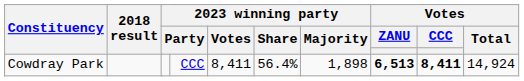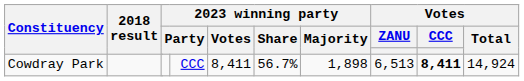 <table class="wikitable sortable" style="text-align:right; font-size:95%">
 <tr>
 <th rowspan="3" scope="col" style="text-align:left;"><a href='#'>Constituency</a></th>
 <th colspan="2" rowspan="3" scope="col">2018<br>result</th>
 <th colspan="5">2023 winning party</th>
 <th colspan="3" scope="col">Votes</th>
 </tr>
 <tr>
 <th colspan="2" rowspan="2">Party</th>
 <th rowspan="2" scope="col">Votes</th>
 <th rowspan="2" scope="col">Share</th>
 <th rowspan="2" scope="col">Majority</th>
 <th scope="col"><a href='#'>ZANU</a></th>
 <th scope="col"><a href='#'>CCC</a></th>
 <th rowspan="2" scope="col">Total</th>
 </tr>
 <tr>
 <th scope="col" style="background:"></th>
 <th scope="col" style="background:"></th>
 </tr>
 <tr>
 <td style="text-align:left;">Cowdray Park</td>
 <td colspan="2" style="text-align:center;"></td>
 <td style="background:"></td>
 <td><a href='#'>CCC</a></td>
 <td>8,411</td>
-<td>56.4%</td>
+<td>56.7%</td>
 <td>1,898</td>
-<td><strong>6,513</strong></td>
+<td>6,513</td>
 <td><strong>8,411</strong></td>
 <td>14,924</td>
 </tr>
 </table>
